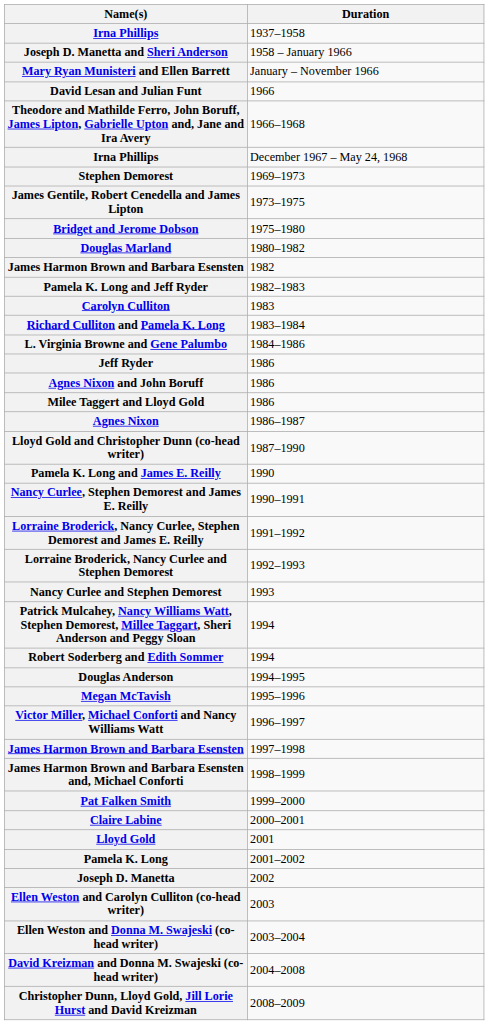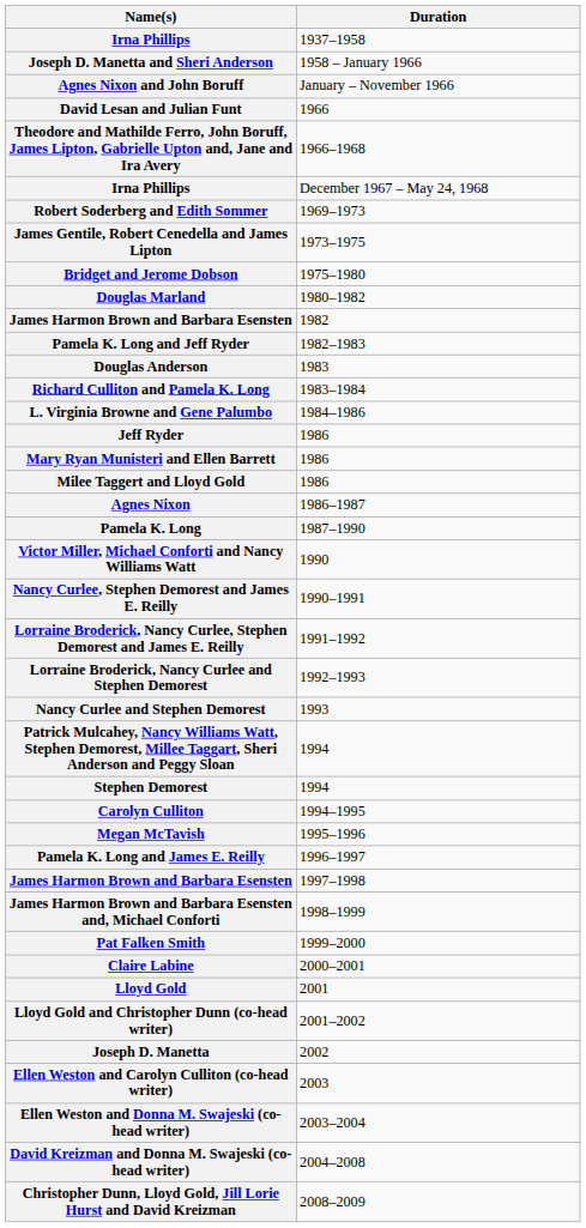 <table class="wikitable plainrowheaders unsortable" style="width:50%;">
 <tr>
 <th scope="col" style="width:35em;">Name(s)</th>
 <th scope="col" style="width:35em;">Duration</th>
 </tr>
 <tr>
 <th scope="row"><a href='#'>Irna Phillips</a></th>
 <td>1937–1958</td>
 </tr>
 <tr>
 <th scope="row">Joseph D. Manetta and <a href='#'>Sheri Anderson</a></th>
 <td>1958 – January 1966</td>
 </tr>
 <tr>
-<th scope="row"><a href='#'>Mary Ryan Munisteri</a> and Ellen Barrett</th>
+<th scope="row"><a href='#'>Agnes Nixon</a> and John Boruff</th>
 <td>January – November 1966</td>
 </tr>
 <tr>
 <th scope="row">David Lesan and Julian Funt</th>
 <td>1966</td>
 </tr>
 <tr>
 <th scope="row">Theodore and Mathilde Ferro, John Boruff, <a href='#'>James Lipton</a>, <a href='#'>Gabrielle Upton</a> and, Jane and Ira Avery</th>
 <td>1966–1968</td>
 </tr>
 <tr>
 <th scope="row">Irna Phillips</th>
 <td>December 1967 – May 24, 1968</td>
 </tr>
 <tr>
-<th scope="row">Stephen Demorest</th>
+<th scope="row">Robert Soderberg and <a href='#'>Edith Sommer</a></th>
 <td>1969–1973</td>
 </tr>
 <tr>
 <th scope="row">James Gentile, Robert Cenedella and James Lipton</th>
 <td>1973–1975</td>
 </tr>
 <tr>
 <th scope="row"><a href='#'>Bridget and Jerome Dobson</a></th>
 <td>1975–1980</td>
 </tr>
 <tr>
 <th scope="row"><a href='#'>Douglas Marland</a></th>
 <td>1980–1982</td>
 </tr>
 <tr>
 <th scope="row">James Harmon Brown and Barbara Esensten</th>
 <td>1982</td>
 </tr>
 <tr>
 <th scope="row">Pamela K. Long and Jeff Ryder</th>
 <td>1982–1983</td>
 </tr>
 <tr>
-<th scope="row"><a href='#'>Carolyn Culliton</a></th>
+<th scope="row">Douglas Anderson</th>
 <td>1983</td>
 </tr>
 <tr>
 <th scope="row"><a href='#'>Richard Culliton</a> and <a href='#'>Pamela K. Long</a></th>
 <td>1983–1984</td>
 </tr>
 <tr>
 <th scope="row">L. Virginia Browne and <a href='#'>Gene Palumbo</a></th>
 <td>1984–1986</td>
 </tr>
 <tr>
 <th scope="row">Jeff Ryder</th>
 <td>1986</td>
 </tr>
 <tr>
-<th scope="row"><a href='#'>Agnes Nixon</a> and John Boruff</th>
+<th scope="row"><a href='#'>Mary Ryan Munisteri</a> and Ellen Barrett</th>
 <td>1986</td>
 </tr>
 <tr>
 <th scope="row">Milee Taggert and Lloyd Gold</th>
 <td>1986</td>
 </tr>
 <tr>
 <th scope="row"><a href='#'>Agnes Nixon</a></th>
 <td>1986–1987</td>
 </tr>
 <tr>
-<th scope="row">Lloyd Gold and Christopher Dunn (co-head writer)</th>
+<th scope="row">Pamela K. Long</th>
 <td>1987–1990</td>
 </tr>
 <tr>
-<th scope="row">Pamela K. Long and <a href='#'>James E. Reilly</a></th>
+<th scope="row"><a href='#'>Victor Miller</a>, <a href='#'>Michael Conforti</a> and Nancy Williams Watt</th>
 <td>1990</td>
 </tr>
 <tr>
 <th scope="row"><a href='#'>Nancy Curlee</a>, Stephen Demorest and James E. Reilly</th>
 <td>1990–1991</td>
 </tr>
 <tr>
 <th scope="row"><a href='#'>Lorraine Broderick</a>, Nancy Curlee, Stephen Demorest and James E. Reilly</th>
 <td>1991–1992</td>
 </tr>
 <tr>
 <th scope="row">Lorraine Broderick, Nancy Curlee and Stephen Demorest</th>
 <td>1992–1993</td>
 </tr>
 <tr>
 <th scope="row">Nancy Curlee and Stephen Demorest</th>
 <td>1993</td>
 </tr>
 <tr>
 <th scope="row">Patrick Mulcahey, <a href='#'>Nancy Williams Watt</a>, Stephen Demorest, <a href='#'>Millee Taggart</a>, Sheri Anderson and Peggy Sloan</th>
 <td>1994</td>
 </tr>
 <tr>
-<th scope="row">Robert Soderberg and <a href='#'>Edith Sommer</a></th>
+<th scope="row">Stephen Demorest</th>
 <td>1994</td>
 </tr>
 <tr>
-<th scope="row">Douglas Anderson</th>
+<th scope="row"><a href='#'>Carolyn Culliton</a></th>
 <td>1994–1995</td>
 </tr>
 <tr>
 <th scope="row"><a href='#'>Megan McTavish</a></th>
 <td>1995–1996</td>
 </tr>
 <tr>
-<th scope="row"><a href='#'>Victor Miller</a>, <a href='#'>Michael Conforti</a> and Nancy Williams Watt</th>
+<th scope="row">Pamela K. Long and <a href='#'>James E. Reilly</a></th>
 <td>1996–1997</td>
 </tr>
 <tr>
 <th scope="row"><a href='#'>James Harmon Brown and Barbara Esensten</a></th>
 <td>1997–1998</td>
 </tr>
 <tr>
 <th scope="row">James Harmon Brown and Barbara Esensten and, Michael Conforti</th>
 <td>1998–1999</td>
 </tr>
 <tr>
 <th scope="row"><a href='#'>Pat Falken Smith</a></th>
 <td>1999–2000</td>
 </tr>
 <tr>
 <th scope="row"><a href='#'>Claire Labine</a></th>
 <td>2000–2001</td>
 </tr>
 <tr>
 <th scope="row"><a href='#'>Lloyd Gold</a></th>
 <td>2001</td>
 </tr>
 <tr>
-<th scope="row">Pamela K. Long</th>
+<th scope="row">Lloyd Gold and Christopher Dunn (co-head writer)</th>
 <td>2001–2002</td>
 </tr>
 <tr>
 <th scope="row">Joseph D. Manetta</th>
 <td>2002</td>
 </tr>
 <tr>
 <th scope="row"><a href='#'>Ellen Weston</a> and Carolyn Culliton (co-head writer)</th>
 <td>2003</td>
 </tr>
 <tr>
 <th scope="row">Ellen Weston and <a href='#'>Donna M. Swajeski</a> (co-head writer)</th>
 <td>2003–2004</td>
 </tr>
 <tr>
 <th scope="row"><a href='#'>David Kreizman</a> and Donna M. Swajeski (co-head writer)</th>
 <td>2004–2008</td>
 </tr>
 <tr>
 <th scope="row">Christopher Dunn, Lloyd Gold, <a href='#'>Jill Lorie Hurst</a> and David Kreizman</th>
 <td>2008–2009</td>
 </tr>
 </table>
